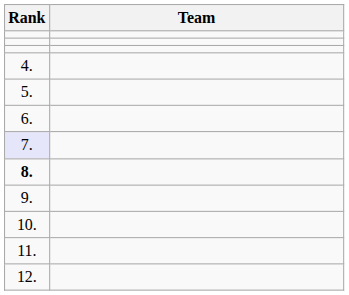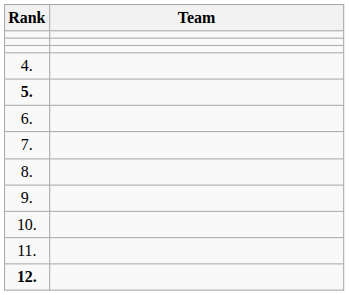 <table class="wikitable" style="font-size:95%;">
 <tr>
 <th>Rank</th>
 <th align="left" style="width: 18em">Team</th>
 </tr>
 <tr>
 <td align="center"></td>
 <td></td>
 </tr>
 <tr>
 <td align="center"></td>
 <td></td>
 </tr>
 <tr>
 <td align="center"></td>
 <td></td>
 </tr>
 <tr>
 <td rowspan=1 align="center">4.</td>
 <td></td>
 </tr>
 <tr>
-<td rowspan=1 align="center">5.</td>
+<td rowspan=1 align="center"><strong>5.</strong></td>
 <td></td>
 </tr>
 <tr>
 <td rowspan=1 align="center">6.</td>
 <td></td>
 </tr>
 <tr>
-<td rowspan=1 align="center" style="background: lavender;">7.</td>
+<td rowspan=1 align="center">7.</td>
 <td></td>
 </tr>
 <tr>
-<td rowspan=1 align="center"><strong>8.</strong></td>
+<td rowspan=1 align="center">8.</td>
 <td></td>
 </tr>
 <tr>
 <td rowspan=1 align="center">9.</td>
 <td></td>
 </tr>
 <tr>
 <td rowspan=1 align="center">10.</td>
 <td></td>
 </tr>
 <tr>
 <td rowspan=1 align="center">11.</td>
 <td></td>
 </tr>
 <tr>
-<td rowspan=1 align="center">12.</td>
+<td rowspan=1 align="center"><strong>12.</strong></td>
 <td></td>
 </tr>
 </table>
